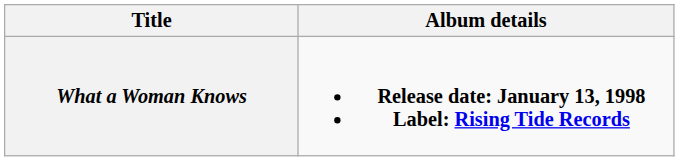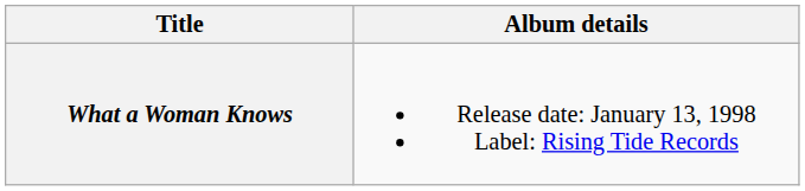 <table class="wikitable plainrowheaders" style="text-align:center;">
 <tr>
 <th style="width:14em;">Title</th>
 <th style="width:18em;">Album details</th>
 </tr>
 <tr>
 <th scope="row"><em>What a Woman Knows</em></th>
-<td><strong><br><ul><li>Release date: January 13, 1998</li><li>Label: <a href='#'>Rising Tide Records</a></li></ul></strong></td>
+<td><br><ul><li>Release date: January 13, 1998</li><li>Label: <a href='#'>Rising Tide Records</a></li></ul></td>
 </tr>
 </table>
